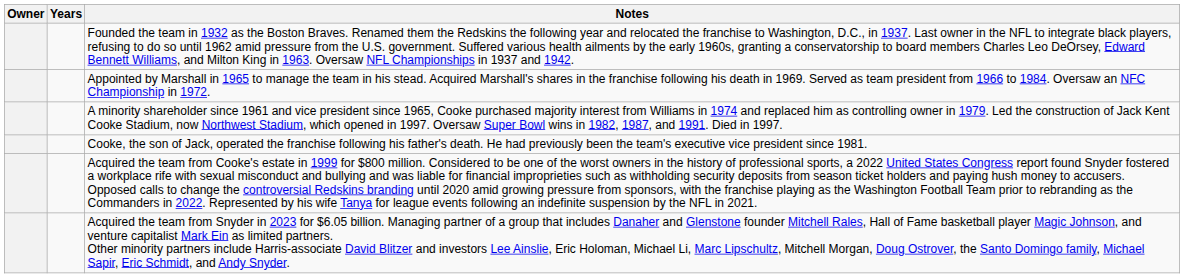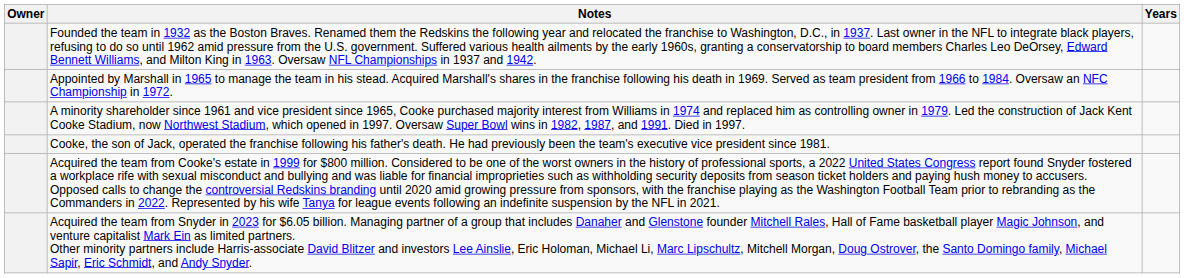 <table class="wikitable unsortable" width="auto">
 <tr>
 <th>Owner</th>
+<th>Notes</th>
 <th>Years</th>
-<th>Notes</th>
 </tr>
 <tr>
 <th style="text-align:center;"></th>
+<td>Founded the team in <a href='#'>1932</a> as the Boston Braves. Renamed them the Redskins the following year and relocated the franchise to Washington, D.C., in <a href='#'>1937</a>. Last owner in the NFL to integrate black players, refusing to do so until 1962 amid pressure from the U.S. government. Suffered various health ailments by the early 1960s, granting a conservatorship to board members Charles Leo DeOrsey, <a href='#'>Edward Bennett Williams</a>, and Milton King in <a href='#'>1963</a>. Oversaw <a href='#'>NFL Championships</a> in 1937 and <a href='#'>1942</a>.</td>
 <td style="text-align:center;"></td>
-<td>Founded the team in <a href='#'>1932</a> as the Boston Braves. Renamed them the Redskins the following year and relocated the franchise to Washington, D.C., in <a href='#'>1937</a>. Last owner in the NFL to integrate black players, refusing to do so until 1962 amid pressure from the U.S. government. Suffered various health ailments by the early 1960s, granting a conservatorship to board members Charles Leo DeOrsey, <a href='#'>Edward Bennett Williams</a>, and Milton King in <a href='#'>1963</a>. Oversaw <a href='#'>NFL Championships</a> in 1937 and <a href='#'>1942</a>.</td>
 </tr>
 <tr>
 <th style="text-align:center;"></th>
+<td>Appointed by Marshall in <a href='#'>1965</a> to manage the team in his stead. Acquired Marshall's shares in the franchise following his death in 1969. Served as team president from <a href='#'>1966</a> to <a href='#'>1984</a>. Oversaw an <a href='#'>NFC Championship</a> in <a href='#'>1972</a>.</td>
 <td style="text-align:center;"></td>
-<td>Appointed by Marshall in <a href='#'>1965</a> to manage the team in his stead. Acquired Marshall's shares in the franchise following his death in 1969. Served as team president from <a href='#'>1966</a> to <a href='#'>1984</a>. Oversaw an <a href='#'>NFC Championship</a> in <a href='#'>1972</a>.</td>
 </tr>
 <tr>
 <th style="text-align:center;"></th>
+<td>A minority shareholder since 1961 and vice president since 1965, Cooke purchased majority interest from Williams in <a href='#'>1974</a> and replaced him as controlling owner in <a href='#'>1979</a>. Led the construction of Jack Kent Cooke Stadium, now <a href='#'>Northwest Stadium</a>, which opened in 1997. Oversaw <a href='#'>Super Bowl</a> wins in <a href='#'>1982</a>, <a href='#'>1987</a>, and <a href='#'>1991</a>. Died in 1997.</td>
 <td style="text-align:center;"></td>
-<td>A minority shareholder since 1961 and vice president since 1965, Cooke purchased majority interest from Williams in <a href='#'>1974</a> and replaced him as controlling owner in <a href='#'>1979</a>. Led the construction of Jack Kent Cooke Stadium, now <a href='#'>Northwest Stadium</a>, which opened in 1997. Oversaw <a href='#'>Super Bowl</a> wins in <a href='#'>1982</a>, <a href='#'>1987</a>, and <a href='#'>1991</a>. Died in 1997.</td>
 </tr>
 <tr>
 <th style="text-align:center;"></th>
+<td>Cooke, the son of Jack, operated the franchise following his father's death. He had previously been the team's executive vice president since 1981.</td>
 <td style="text-align:center;"></td>
-<td>Cooke, the son of Jack, operated the franchise following his father's death. He had previously been the team's executive vice president since 1981.</td>
 </tr>
 <tr>
 <th style="text-align:center;"></th>
+<td>Acquired the team from Cooke's estate in <a href='#'>1999</a> for $800 million. Considered to be one of the worst owners in the history of professional sports, a 2022 <a href='#'>United States Congress</a> report found Snyder fostered a workplace rife with sexual misconduct and bullying and was liable for financial improprieties such as withholding security deposits from season ticket holders and paying hush money to accusers.<br>Opposed calls to change the <a href='#'>controversial Redskins branding</a> until 2020 amid growing pressure from sponsors, with the franchise playing as the Washington Football Team prior to rebranding as the Commanders in <a href='#'>2022</a>. Represented by his wife <a href='#'>Tanya</a> for league events following an indefinite suspension by the NFL in 2021.</td>
 <td style="text-align:center;"></td>
-<td>Acquired the team from Cooke's estate in <a href='#'>1999</a> for $800 million. Considered to be one of the worst owners in the history of professional sports, a 2022 <a href='#'>United States Congress</a> report found Snyder fostered a workplace rife with sexual misconduct and bullying and was liable for financial improprieties such as withholding security deposits from season ticket holders and paying hush money to accusers.<br>Opposed calls to change the <a href='#'>controversial Redskins branding</a> until 2020 amid growing pressure from sponsors, with the franchise playing as the Washington Football Team prior to rebranding as the Commanders in <a href='#'>2022</a>. Represented by his wife <a href='#'>Tanya</a> for league events following an indefinite suspension by the NFL in 2021.</td>
 </tr>
 <tr>
 <th style="text-align:center;"></th>
+<td>Acquired the team from Snyder in <a href='#'>2023</a> for $6.05 billion. Managing partner of a group that includes <a href='#'>Danaher</a> and <a href='#'>Glenstone</a> founder <a href='#'>Mitchell Rales</a>, Hall of Fame basketball player <a href='#'>Magic Johnson</a>, and venture capitalist <a href='#'>Mark Ein</a> as limited partners.<br>Other minority partners include Harris-associate <a href='#'>David Blitzer</a> and investors <a href='#'>Lee Ainslie</a>, Eric Holoman, Michael Li, <a href='#'>Marc Lipschultz</a>, Mitchell Morgan, <a href='#'>Doug Ostrover</a>, the <a href='#'>Santo Domingo family</a>, <a href='#'>Michael Sapir</a>, <a href='#'>Eric Schmidt</a>, and <a href='#'>Andy Snyder</a>.</td>
 <td style="text-align:center;"></td>
-<td>Acquired the team from Snyder in <a href='#'>2023</a> for $6.05 billion. Managing partner of a group that includes <a href='#'>Danaher</a> and <a href='#'>Glenstone</a> founder <a href='#'>Mitchell Rales</a>, Hall of Fame basketball player <a href='#'>Magic Johnson</a>, and venture capitalist <a href='#'>Mark Ein</a> as limited partners.<br>Other minority partners include Harris-associate <a href='#'>David Blitzer</a> and investors <a href='#'>Lee Ainslie</a>, Eric Holoman, Michael Li, <a href='#'>Marc Lipschultz</a>, Mitchell Morgan, <a href='#'>Doug Ostrover</a>, the <a href='#'>Santo Domingo family</a>, <a href='#'>Michael Sapir</a>, <a href='#'>Eric Schmidt</a>, and <a href='#'>Andy Snyder</a>.</td>
 </tr>
 </table>
